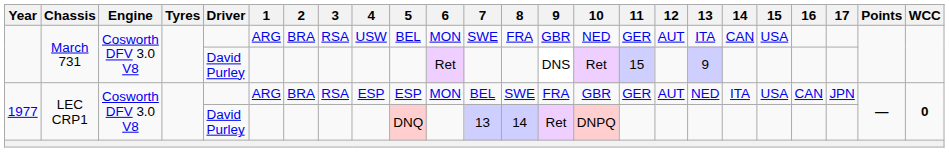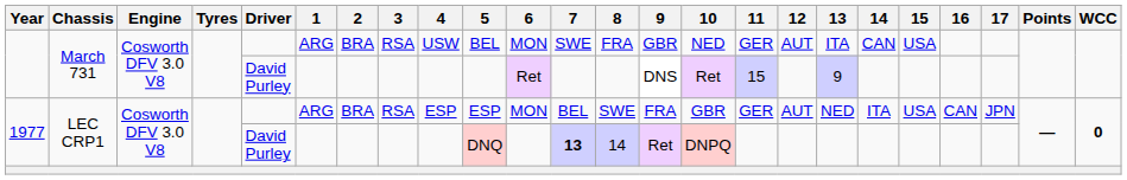 <table class="wikitable" style="text-align:center; font-size:85%">
 <tr>
 <th>Year</th>
 <th>Chassis</th>
 <th>Engine</th>
 <th>Tyres</th>
 <th>Driver</th>
 <th>1</th>
 <th>2</th>
 <th>3</th>
 <th>4</th>
 <th>5</th>
 <th>6</th>
 <th>7</th>
 <th>8</th>
 <th>9</th>
 <th>10</th>
 <th>11</th>
 <th>12</th>
 <th>13</th>
 <th>14</th>
 <th>15</th>
 <th>16</th>
 <th>17</th>
 <th>Points</th>
 <th>WCC</th>
 </tr>
 <tr>
 <td rowspan="2"></td>
 <td rowspan="2"><a href='#'>March</a> 731</td>
 <td rowspan="2"><a href='#'>Cosworth DFV</a> 3.0 <a href='#'>V8</a></td>
 <td rowspan="2"></td>
 <td></td>
 <td><a href='#'>ARG</a></td>
 <td><a href='#'>BRA</a></td>
 <td><a href='#'>RSA</a></td>
 <td><a href='#'>USW</a></td>
 <td><a href='#'>BEL</a></td>
 <td><a href='#'>MON</a></td>
 <td><a href='#'>SWE</a></td>
 <td><a href='#'>FRA</a></td>
 <td><a href='#'>GBR</a></td>
 <td><a href='#'>NED</a></td>
 <td><a href='#'>GER</a></td>
 <td><a href='#'>AUT</a></td>
 <td><a href='#'>ITA</a></td>
 <td><a href='#'>CAN</a></td>
 <td><a href='#'>USA</a></td>
 <td></td>
 <td></td>
 <td rowspan="2"></td>
 <td rowspan="2"></td>
 </tr>
 <tr>
 <td align="left"> <a href='#'>David Purley</a></td>
 <td></td>
 <td></td>
 <td></td>
 <td></td>
 <td></td>
 <td style="background:#EFCFFF;">Ret</td>
 <td></td>
 <td></td>
 <td style="background:#FFFFFF;">DNS</td>
 <td style="background:#EFCFFF;">Ret</td>
 <td style="background:#CFCFFF;">15</td>
 <td></td>
 <td style="background:#CFCFFF;">9</td>
 <td></td>
 <td></td>
 <td></td>
 <td></td>
 </tr>
 <tr>
 <td rowspan="2"><a href='#'>1977</a></td>
 <td rowspan="2">LEC CRP1</td>
 <td rowspan="2"><a href='#'>Cosworth DFV</a> 3.0 <a href='#'>V8</a></td>
 <td rowspan="2"></td>
 <td></td>
 <td><a href='#'>ARG</a></td>
 <td><a href='#'>BRA</a></td>
 <td><a href='#'>RSA</a></td>
 <td><a href='#'>ESP</a></td>
 <td><a href='#'>ESP</a></td>
 <td><a href='#'>MON</a></td>
 <td><a href='#'>BEL</a></td>
 <td><a href='#'>SWE</a></td>
 <td><a href='#'>FRA</a></td>
 <td><a href='#'>GBR</a></td>
 <td><a href='#'>GER</a></td>
 <td><a href='#'>AUT</a></td>
 <td><a href='#'>NED</a></td>
 <td><a href='#'>ITA</a></td>
 <td><a href='#'>USA</a></td>
 <td><a href='#'>CAN</a></td>
 <td><a href='#'>JPN</a></td>
 <td rowspan="2"><strong>—</strong></td>
 <td rowspan="2"><strong>0</strong></td>
 </tr>
 <tr>
 <td align="left"> <a href='#'>David Purley</a></td>
 <td></td>
 <td></td>
 <td></td>
 <td></td>
 <td style="background:#FFCFCF;">DNQ</td>
 <td></td>
-<td style="background:#CFCFFF;">13</td>
+<td style="background:#CFCFFF;"><strong>13</strong></td>
 <td style="background:#CFCFFF;">14</td>
 <td style="background:#EFCFFF;">Ret</td>
 <td style="background:#FFCFCF;">DNPQ</td>
 <td></td>
 <td></td>
 <td></td>
 <td></td>
 <td></td>
 <td></td>
 <td></td>
 </tr>
 <tr>
 <th colspan="24"></th>
 </tr>
 </table>
